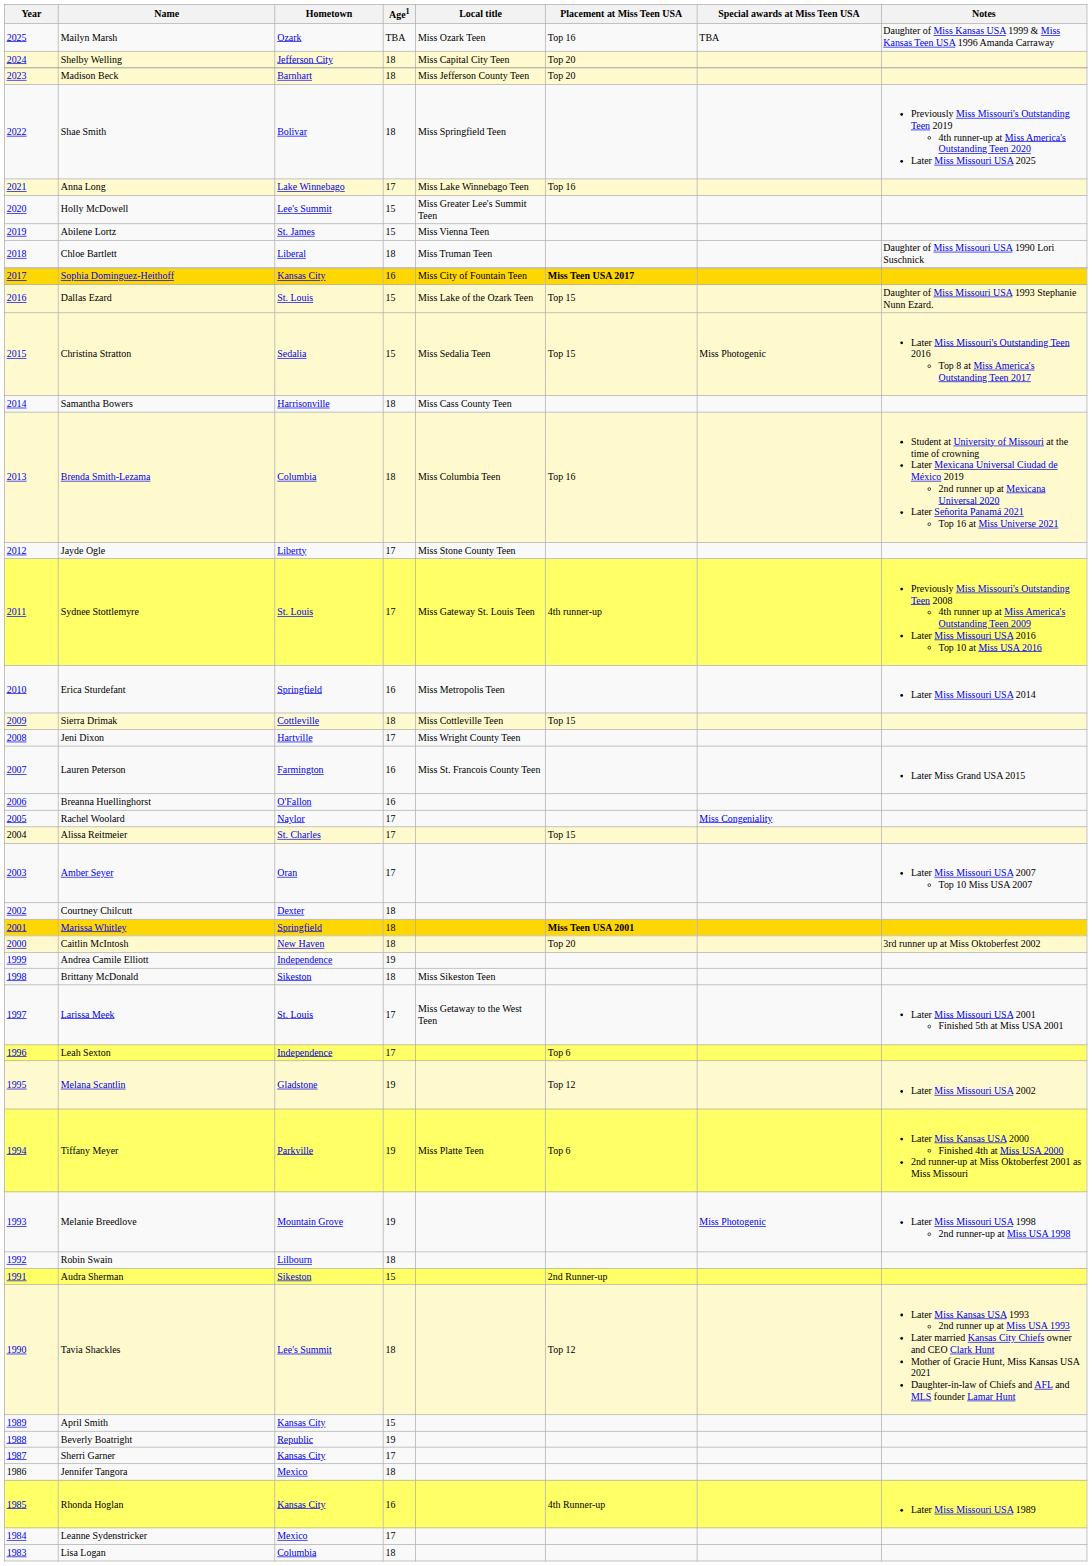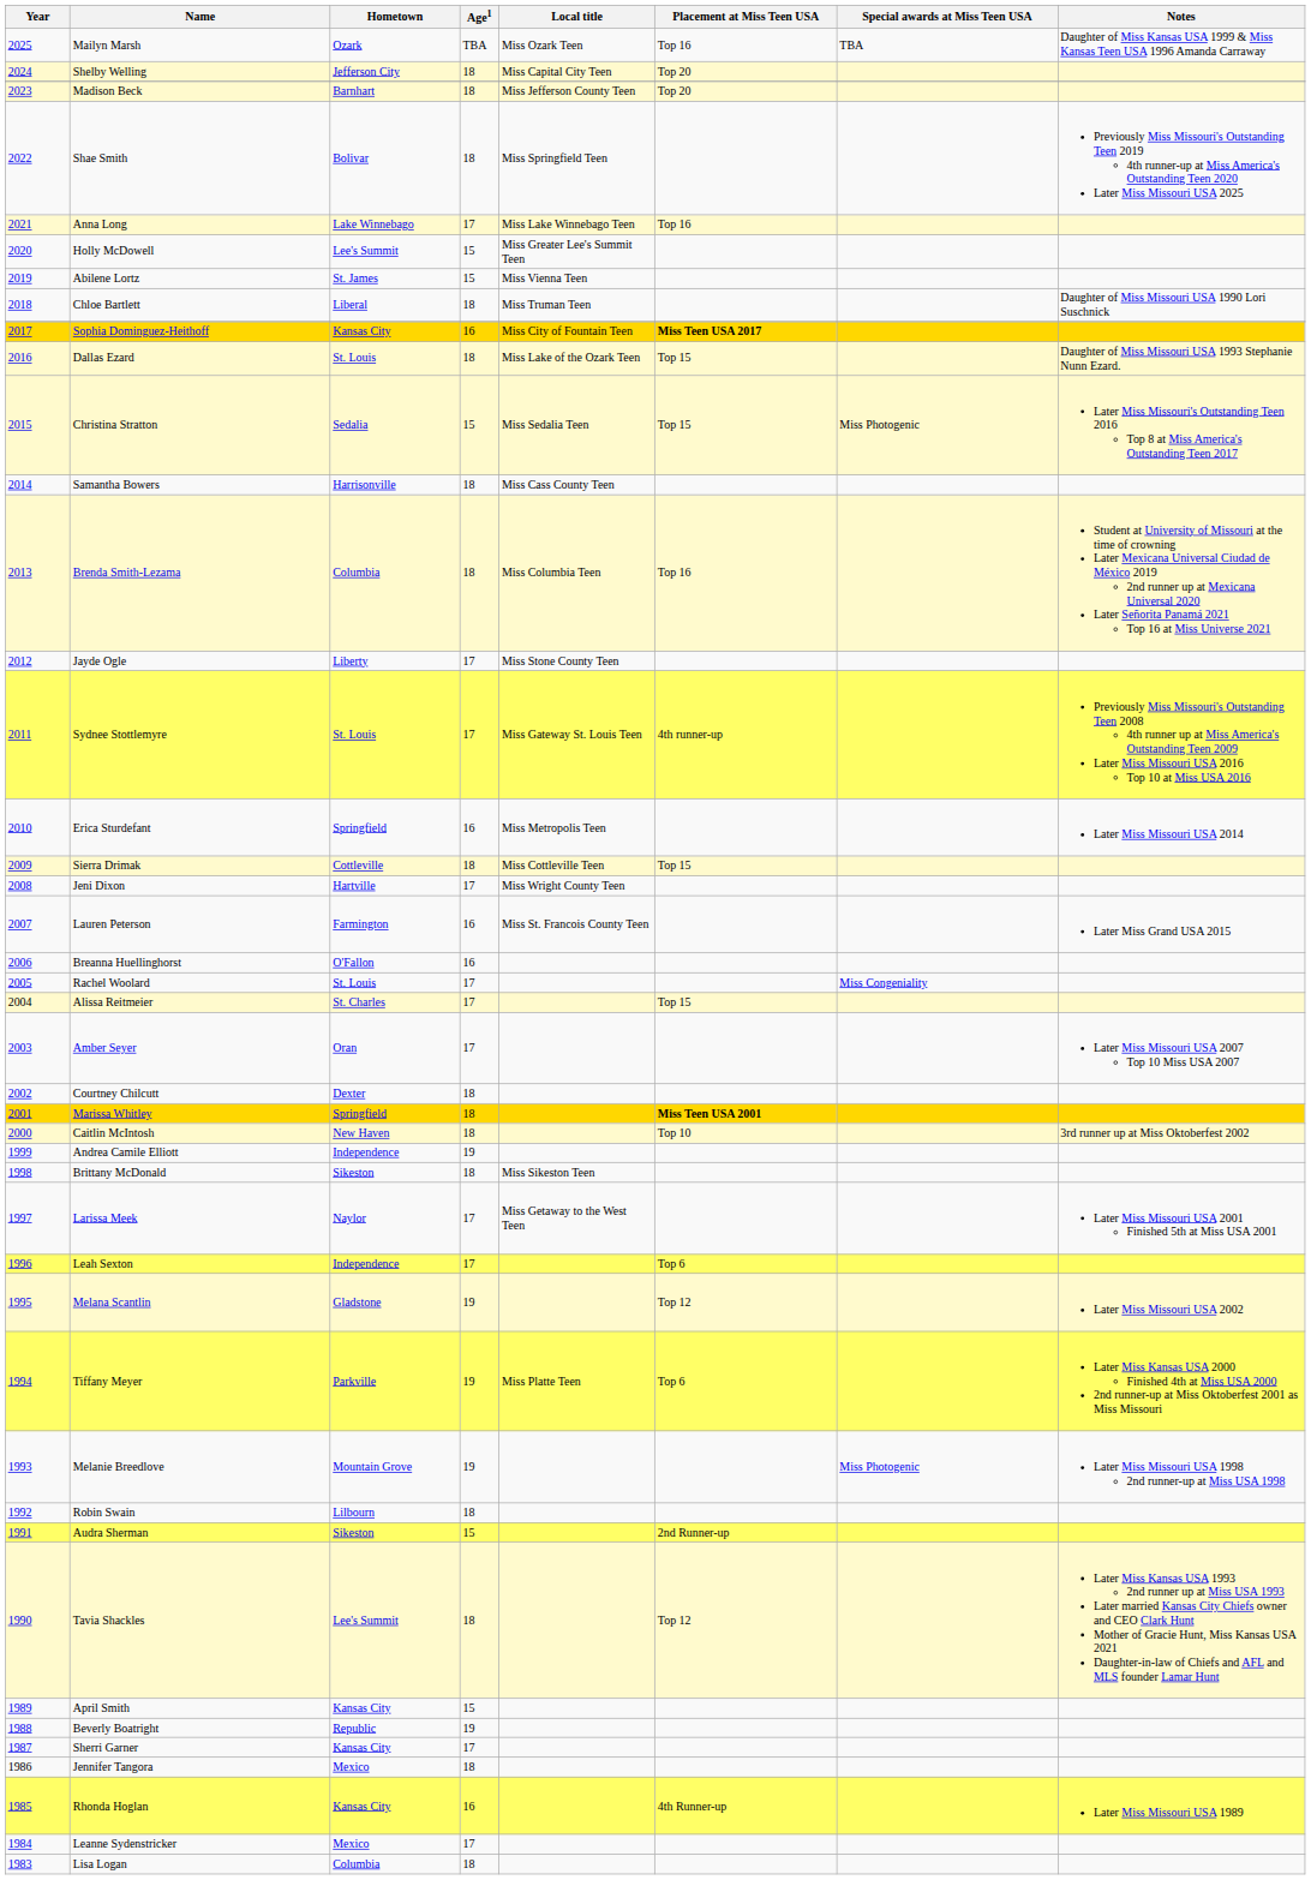 <table class="wikitable sortable" style="font-size:90%;">
 <tr style="background:#efefef;">
 <th style="width:5%;">Year</th>
 <th style="width:20%;">Name</th>
 <th style="width:10%;">Hometown</th>
 <th width=3%>Age<sup>1</sup></th>
 <th width=12%>Local title</th>
 <th style="width:14%;">Placement at Miss Teen USA</th>
 <th style="width:17%;">Special awards at Miss Teen  USA</th>
 <th style="width:31%;">Notes</th>
 </tr>
 <tr>
 <td><a href='#'>2025</a></td>
 <td>Mailyn Marsh</td>
 <td><a href='#'>Ozark</a></td>
 <td>TBA</td>
 <td>Miss Ozark Teen</td>
 <td>Top 16</td>
 <td>TBA</td>
 <td>Daughter of <a href='#'>Miss Kansas USA</a> 1999 & <a href='#'>Miss Kansas Teen USA</a> 1996 Amanda Carraway</td>
 </tr>
 <tr style="background-color:#FFFACD;”">
 <td><a href='#'>2024</a></td>
 <td>Shelby Welling</td>
 <td><a href='#'>Jefferson City</a></td>
 <td>18</td>
 <td>Miss Capital City Teen</td>
 <td>Top 20</td>
 <td></td>
 <td></td>
 </tr>
 <tr>
 </tr>
 <tr style="background-color:#FFFACD">
 <td><a href='#'>2023</a></td>
 <td>Madison Beck</td>
 <td><a href='#'>Barnhart</a></td>
 <td>18</td>
 <td>Miss Jefferson County Teen</td>
 <td>Top 20</td>
 <td></td>
 <td></td>
 </tr>
 <tr>
 <td><a href='#'>2022</a></td>
 <td>Shae Smith</td>
 <td><a href='#'>Bolivar</a></td>
 <td>18</td>
 <td>Miss Springfield Teen</td>
 <td></td>
 <td></td>
 <td><br><ul><li>Previously <a href='#'>Miss Missouri's Outstanding Teen</a> 2019<ul><li>4th runner-up at <a href='#'>Miss America's Outstanding Teen 2020</a></li></ul></li><li>Later <a href='#'>Miss Missouri USA</a> 2025</li></ul></td>
 </tr>
 <tr style="background-color:#FFFACD">
 <td><a href='#'>2021</a></td>
 <td>Anna Long</td>
 <td><a href='#'>Lake Winnebago</a></td>
 <td>17</td>
 <td>Miss Lake Winnebago Teen</td>
 <td>Top 16</td>
 <td></td>
 <td></td>
 </tr>
 <tr>
 <td><a href='#'>2020</a></td>
 <td>Holly McDowell</td>
 <td><a href='#'>Lee's Summit</a></td>
 <td>15</td>
 <td>Miss Greater Lee's Summit Teen</td>
 <td></td>
 <td></td>
 <td></td>
 </tr>
 <tr>
 <td><a href='#'>2019</a></td>
 <td>Abilene Lortz</td>
 <td><a href='#'>St. James</a></td>
 <td>15</td>
 <td>Miss Vienna Teen</td>
 <td></td>
 <td></td>
 <td></td>
 </tr>
 <tr>
 <td><a href='#'>2018</a></td>
 <td>Chloe Bartlett</td>
 <td><a href='#'>Liberal</a></td>
 <td>18</td>
 <td>Miss Truman Teen</td>
 <td></td>
 <td></td>
 <td>Daughter of <a href='#'>Miss Missouri USA</a> 1990 Lori Suschnick</td>
 </tr>
 <tr>
 </tr>
 <tr style="background-color:GOLD;”">
 <td><a href='#'>2017</a></td>
 <td><a href='#'>Sophia Dominguez-Heithoff</a></td>
 <td><a href='#'>Kansas City</a></td>
 <td>16</td>
 <td>Miss City of Fountain Teen</td>
 <td><strong>Miss Teen USA 2017</strong></td>
 <td></td>
 <td></td>
 </tr>
 <tr style="background-color:#FFFACD;”">
 <td><a href='#'>2016</a></td>
 <td>Dallas Ezard</td>
 <td><a href='#'>St. Louis</a></td>
-<td>15</td>
+<td>18</td>
 <td>Miss Lake of the Ozark Teen</td>
 <td>Top 15</td>
 <td></td>
 <td>Daughter of <a href='#'>Miss Missouri USA</a> 1993 Stephanie Nunn Ezard.</td>
 </tr>
 <tr style="background-color:#FFFACD;”">
 <td><a href='#'>2015</a></td>
 <td>Christina Stratton</td>
 <td><a href='#'>Sedalia</a></td>
 <td>15</td>
 <td>Miss Sedalia Teen</td>
 <td>Top 15</td>
 <td>Miss Photogenic</td>
 <td><br><ul><li>Later <a href='#'>Miss Missouri's Outstanding Teen</a> 2016<ul><li>Top 8 at <a href='#'>Miss America's Outstanding Teen 2017</a></li></ul></li></ul></td>
 </tr>
 <tr>
 <td><a href='#'>2014</a></td>
 <td>Samantha Bowers</td>
 <td><a href='#'>Harrisonville</a></td>
 <td>18</td>
 <td>Miss Cass County Teen</td>
 <td></td>
 <td></td>
 <td></td>
 </tr>
 <tr style="background-color:#FFFACD;”">
 <td><a href='#'>2013</a></td>
 <td><a href='#'>Brenda Smith-Lezama</a></td>
 <td><a href='#'>Columbia</a></td>
 <td>18</td>
 <td>Miss Columbia Teen</td>
 <td>Top 16</td>
 <td></td>
 <td><br><ul><li>Student at <a href='#'>University of Missouri</a> at the time of crowning</li><li>Later <a href='#'>Mexicana Universal Ciudad de México</a> 2019<ul><li>2nd runner up at <a href='#'>Mexicana Universal 2020</a></li></ul></li><li>Later <a href='#'>Señorita Panamá 2021</a><ul><li>Top 16 at <a href='#'>Miss Universe 2021</a></li></ul></li></ul></td>
 </tr>
 <tr>
 <td><a href='#'>2012</a></td>
 <td>Jayde Ogle</td>
 <td><a href='#'>Liberty</a></td>
 <td>17</td>
 <td>Miss Stone County Teen</td>
 <td></td>
 <td></td>
 <td></td>
 </tr>
 <tr style="background-color:#FFFF66;”">
 <td><a href='#'>2011</a></td>
 <td>Sydnee Stottlemyre</td>
 <td><a href='#'>St. Louis</a></td>
 <td>17</td>
 <td>Miss Gateway St. Louis Teen</td>
 <td>4th runner-up</td>
 <td></td>
 <td><br><ul><li>Previously <a href='#'>Miss Missouri's Outstanding Teen</a> 2008<ul><li>4th runner up at <a href='#'>Miss America's Outstanding Teen 2009</a></li></ul></li><li>Later <a href='#'>Miss Missouri USA</a> 2016<ul><li>Top 10 at <a href='#'>Miss USA 2016</a></li></ul></li></ul></td>
 </tr>
 <tr>
 <td><a href='#'>2010</a></td>
 <td>Erica Sturdefant</td>
 <td><a href='#'>Springfield</a></td>
 <td>16</td>
 <td>Miss Metropolis Teen</td>
 <td></td>
 <td></td>
 <td><br><ul><li>Later <a href='#'>Miss Missouri USA</a> 2014</li></ul></td>
 </tr>
 <tr style="background-color:#FFFACD;”">
 <td><a href='#'>2009</a></td>
 <td>Sierra Drimak</td>
 <td><a href='#'>Cottleville</a></td>
 <td>18</td>
 <td>Miss Cottleville Teen</td>
 <td>Top 15</td>
 <td></td>
 <td></td>
 </tr>
 <tr>
 <td><a href='#'>2008</a></td>
 <td>Jeni Dixon</td>
 <td><a href='#'>Hartville</a></td>
 <td>17</td>
 <td>Miss Wright County Teen</td>
 <td></td>
 <td></td>
 <td></td>
 </tr>
 <tr>
 <td><a href='#'>2007</a></td>
 <td>Lauren Peterson</td>
 <td><a href='#'>Farmington</a></td>
 <td>16</td>
 <td>Miss St. Francois County Teen</td>
 <td></td>
 <td></td>
 <td><br><ul><li>Later Miss Grand USA 2015</li></ul></td>
 </tr>
 <tr>
 <td><a href='#'>2006</a></td>
 <td>Breanna Huellinghorst</td>
 <td><a href='#'>O'Fallon</a></td>
 <td>16</td>
 <td></td>
 <td></td>
 <td></td>
 <td></td>
 </tr>
 <tr>
 <td><a href='#'>2005</a></td>
 <td>Rachel Woolard</td>
-<td><a href='#'>Naylor</a></td>
+<td><a href='#'>St. Louis</a></td>
 <td>17</td>
 <td></td>
 <td></td>
 <td><a href='#'>Miss Congeniality</a></td>
 <td></td>
 </tr>
 <tr style="background-color:#FFFACD;”">
 <td>2004</td>
 <td>Alissa Reitmeier</td>
 <td><a href='#'>St. Charles</a></td>
 <td>17</td>
 <td></td>
 <td>Top 15</td>
 <td></td>
 <td></td>
 </tr>
 <tr>
 <td><a href='#'>2003</a></td>
 <td><a href='#'>Amber Seyer</a></td>
 <td><a href='#'>Oran</a></td>
 <td>17</td>
 <td></td>
 <td></td>
 <td></td>
 <td><br><ul><li>Later <a href='#'>Miss Missouri USA</a> 2007<ul><li>Top 10 Miss USA 2007</li></ul></li></ul></td>
 </tr>
 <tr>
 <td><a href='#'>2002</a></td>
 <td>Courtney Chilcutt</td>
 <td><a href='#'>Dexter</a></td>
 <td>18</td>
 <td></td>
 <td></td>
 <td></td>
 <td></td>
 </tr>
 <tr style="background-color:GOLD;”">
 <td><a href='#'>2001</a></td>
 <td><a href='#'>Marissa Whitley</a></td>
 <td><a href='#'>Springfield</a></td>
 <td>18</td>
 <td></td>
 <td><strong>Miss Teen USA 2001</strong></td>
 <td></td>
 <td></td>
 </tr>
 <tr style="background-color:#FFFACD;”">
 <td><a href='#'>2000</a></td>
 <td>Caitlin McIntosh</td>
 <td><a href='#'>New Haven</a></td>
 <td>18</td>
 <td></td>
-<td>Top 20</td>
+<td>Top 10</td>
 <td></td>
 <td>3rd runner up at Miss Oktoberfest 2002</td>
 </tr>
 <tr>
 <td><a href='#'>1999</a></td>
 <td>Andrea Camile Elliott</td>
 <td><a href='#'>Independence</a></td>
 <td>19</td>
 <td></td>
 <td></td>
 <td></td>
 <td></td>
 </tr>
 <tr>
 <td><a href='#'>1998</a></td>
 <td>Brittany McDonald</td>
 <td><a href='#'>Sikeston</a></td>
 <td>18</td>
 <td>Miss Sikeston Teen</td>
 <td></td>
 <td></td>
 <td></td>
 </tr>
 <tr>
 <td><a href='#'>1997</a></td>
 <td><a href='#'>Larissa Meek</a></td>
-<td><a href='#'>St. Louis</a></td>
+<td><a href='#'>Naylor</a></td>
 <td>17</td>
 <td>Miss Getaway to the West Teen</td>
 <td></td>
 <td></td>
 <td><br><ul><li>Later <a href='#'>Miss Missouri USA</a> 2001<ul><li>Finished 5th at Miss USA 2001</li></ul></li></ul></td>
 </tr>
 <tr style="background-color:#FFFF66;”">
 <td><a href='#'>1996</a></td>
 <td>Leah Sexton</td>
 <td><a href='#'>Independence</a></td>
 <td>17</td>
 <td></td>
 <td>Top 6</td>
 <td></td>
 <td></td>
 </tr>
 <tr style="background-color:#FFFACD;”">
 <td><a href='#'>1995</a></td>
 <td><a href='#'>Melana Scantlin</a></td>
 <td><a href='#'>Gladstone</a></td>
 <td>19</td>
 <td></td>
 <td>Top 12</td>
 <td></td>
 <td><br><ul><li>Later <a href='#'>Miss Missouri USA</a> 2002</li></ul></td>
 </tr>
 <tr style="background-color:#FFFF66;”">
 <td><a href='#'>1994</a></td>
 <td>Tiffany Meyer</td>
 <td><a href='#'>Parkville</a></td>
 <td>19</td>
 <td>Miss Platte Teen</td>
 <td>Top 6</td>
 <td></td>
 <td><br><ul><li>Later <a href='#'>Miss Kansas USA</a> 2000<ul><li>Finished 4th at <a href='#'>Miss USA 2000</a></li></ul></li><li>2nd runner-up at Miss Oktoberfest 2001 as Miss Missouri</li></ul></td>
 </tr>
 <tr>
 <td><a href='#'>1993</a></td>
 <td>Melanie Breedlove</td>
 <td><a href='#'>Mountain Grove</a></td>
 <td>19</td>
 <td></td>
 <td></td>
 <td><a href='#'>Miss Photogenic</a></td>
 <td><br><ul><li>Later <a href='#'>Miss Missouri USA</a> 1998<ul><li>2nd runner-up at <a href='#'>Miss USA 1998</a></li></ul></li></ul></td>
 </tr>
 <tr>
 <td><a href='#'>1992</a></td>
 <td>Robin Swain</td>
 <td><a href='#'>Lilbourn</a></td>
 <td>18</td>
 <td></td>
 <td></td>
 <td></td>
 <td></td>
 </tr>
 <tr style="background-color:#FFFF66;”">
 <td><a href='#'>1991</a></td>
 <td>Audra Sherman</td>
 <td><a href='#'>Sikeston</a></td>
 <td>15</td>
 <td></td>
 <td>2nd Runner-up</td>
 <td></td>
 <td></td>
 </tr>
 <tr style="background-color:#FFFACD;”">
 <td><a href='#'>1990</a></td>
 <td>Tavia Shackles</td>
 <td><a href='#'>Lee's Summit</a></td>
 <td>18</td>
 <td></td>
 <td>Top 12</td>
 <td></td>
 <td><br><ul><li>Later <a href='#'>Miss Kansas USA</a> 1993<ul><li>2nd runner up at <a href='#'>Miss USA 1993</a></li></ul></li><li>Later married <a href='#'>Kansas City Chiefs</a> owner and CEO <a href='#'>Clark Hunt</a></li><li>Mother of Gracie Hunt, Miss Kansas USA 2021</li><li>Daughter-in-law of Chiefs and <a href='#'>AFL</a> and <a href='#'>MLS</a> founder <a href='#'>Lamar Hunt</a></li></ul></td>
 </tr>
 <tr>
 <td><a href='#'>1989</a></td>
 <td>April Smith</td>
 <td><a href='#'>Kansas City</a></td>
 <td>15</td>
 <td></td>
 <td></td>
 <td></td>
 <td></td>
 </tr>
 <tr>
 <td><a href='#'>1988</a></td>
 <td>Beverly Boatright</td>
 <td><a href='#'>Republic</a></td>
 <td>19</td>
 <td></td>
 <td></td>
 <td></td>
 <td></td>
 </tr>
 <tr>
 <td><a href='#'>1987</a></td>
 <td>Sherri Garner</td>
 <td><a href='#'>Kansas City</a></td>
 <td>17</td>
 <td></td>
 <td></td>
 <td></td>
 <td></td>
 </tr>
 <tr>
 <td>1986</td>
 <td>Jennifer Tangora</td>
 <td><a href='#'>Mexico</a></td>
 <td>18</td>
 <td></td>
 <td></td>
 <td></td>
 <td></td>
 </tr>
 <tr style="background-color:#FFFF66;”">
 <td><a href='#'>1985</a></td>
 <td>Rhonda Hoglan</td>
 <td><a href='#'>Kansas City</a></td>
 <td>16</td>
 <td></td>
 <td>4th Runner-up</td>
 <td></td>
 <td><br><ul><li>Later <a href='#'>Miss Missouri USA</a> 1989</li></ul></td>
 </tr>
 <tr>
 <td><a href='#'>1984</a></td>
 <td>Leanne Sydenstricker</td>
 <td><a href='#'>Mexico</a></td>
 <td>17</td>
 <td></td>
 <td></td>
 <td></td>
 <td></td>
 </tr>
 <tr>
 <td><a href='#'>1983</a></td>
 <td>Lisa Logan</td>
 <td><a href='#'>Columbia</a></td>
 <td>18</td>
 <td></td>
 <td></td>
 <td></td>
 <td></td>
 </tr>
 </table>
